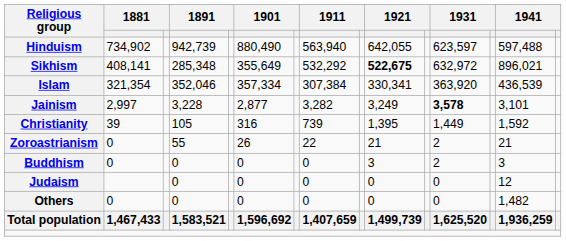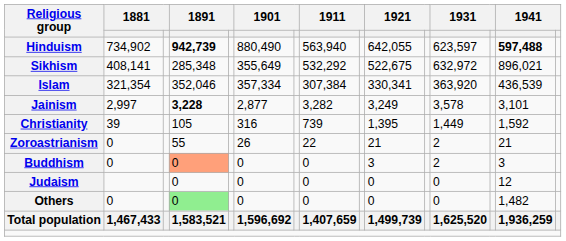 <table class="wikitable sortable">
 <tr>
 <th rowspan="2"><a href='#'>Religious</a><br>group</th>
 <th colspan="2">1881</th>
 <th colspan="2">1891</th>
 <th colspan="2">1901</th>
 <th colspan="2">1911</th>
 <th colspan="2">1921</th>
 <th colspan="2">1931</th>
 <th colspan="2">1941</th>
 </tr>
 <tr>
 <th><a href='#'></a></th>
 <th></th>
 <th></th>
 <th></th>
 <th></th>
 <th></th>
 <th></th>
 <th></th>
 <th></th>
 <th></th>
 <th></th>
 <th></th>
 <th></th>
 <th></th>
 </tr>
 <tr>
 <th><a href='#'>Hinduism</a> </th>
 <td>734,902</td>
 <td></td>
-<td>942,739</td>
+<td><strong>942,739</strong></td>
 <td></td>
 <td>880,490</td>
 <td></td>
 <td>563,940</td>
 <td></td>
 <td>642,055</td>
 <td></td>
 <td>623,597</td>
 <td></td>
-<td>597,488</td>
+<td><strong>597,488</strong></td>
 <td></td>
 </tr>
 <tr>
 <th><a href='#'>Sikhism</a> </th>
 <td>408,141</td>
 <td></td>
 <td>285,348</td>
 <td></td>
 <td>355,649</td>
 <td></td>
 <td>532,292</td>
 <td></td>
-<td><strong>522,675</strong></td>
+<td>522,675</td>
 <td></td>
 <td>632,972</td>
 <td></td>
 <td>896,021</td>
 <td></td>
 </tr>
 <tr>
 <th><a href='#'>Islam</a> </th>
 <td>321,354</td>
 <td></td>
 <td>352,046</td>
 <td></td>
 <td>357,334</td>
 <td></td>
 <td>307,384</td>
 <td></td>
 <td>330,341</td>
 <td></td>
 <td>363,920</td>
 <td></td>
 <td>436,539</td>
 <td></td>
 </tr>
 <tr>
 <th><a href='#'>Jainism</a> </th>
 <td>2,997</td>
 <td></td>
-<td>3,228</td>
+<td><strong>3,228</strong></td>
 <td></td>
 <td>2,877</td>
 <td></td>
 <td>3,282</td>
 <td></td>
 <td>3,249</td>
 <td></td>
-<td><strong>3,578</strong></td>
+<td>3,578</td>
 <td></td>
 <td>3,101</td>
 <td></td>
 </tr>
 <tr>
 <th><a href='#'>Christianity</a> </th>
 <td>39</td>
 <td></td>
 <td>105</td>
 <td></td>
 <td>316</td>
 <td></td>
 <td>739</td>
 <td></td>
 <td>1,395</td>
 <td></td>
 <td>1,449</td>
 <td></td>
 <td>1,592</td>
 <td></td>
 </tr>
 <tr>
 <th><a href='#'>Zoroastrianism</a> </th>
 <td>0</td>
 <td></td>
 <td>55</td>
 <td></td>
 <td>26</td>
 <td></td>
 <td>22</td>
 <td></td>
 <td>21</td>
 <td></td>
 <td>2</td>
 <td></td>
 <td>21</td>
 <td></td>
 </tr>
 <tr>
 <th><a href='#'>Buddhism</a> </th>
 <td>0</td>
 <td></td>
-<td>0</td>
+<td style="background: lightsalmon;">0</td>
 <td></td>
 <td>0</td>
 <td></td>
 <td>0</td>
 <td></td>
 <td>3</td>
 <td></td>
 <td>2</td>
 <td></td>
 <td>3</td>
 <td></td>
 </tr>
 <tr>
 <th><a href='#'>Judaism</a> </th>
 <td></td>
 <td></td>
 <td>0</td>
 <td></td>
 <td>0</td>
 <td></td>
 <td>0</td>
 <td></td>
 <td>0</td>
 <td></td>
 <td>0</td>
 <td></td>
 <td>12</td>
 <td></td>
 </tr>
 <tr>
 <th>Others</th>
 <td>0</td>
 <td></td>
-<td>0</td>
+<td style="background: lightgreen;">0</td>
 <td></td>
 <td>0</td>
 <td></td>
 <td>0</td>
 <td></td>
 <td>0</td>
 <td></td>
 <td>0</td>
 <td></td>
 <td>1,482</td>
 <td></td>
 </tr>
 <tr>
 <th>Total population</th>
 <th>1,467,433</th>
 <th></th>
 <th>1,583,521</th>
 <th></th>
 <th>1,596,692</th>
 <th></th>
 <th>1,407,659</th>
 <th></th>
 <th>1,499,739</th>
 <th></th>
 <th>1,625,520</th>
 <th></th>
 <th>1,936,259</th>
 <th></th>
 </tr>
 <tr class="sortbottom">
 <td colspan="15"></td>
 </tr>
 </table>
